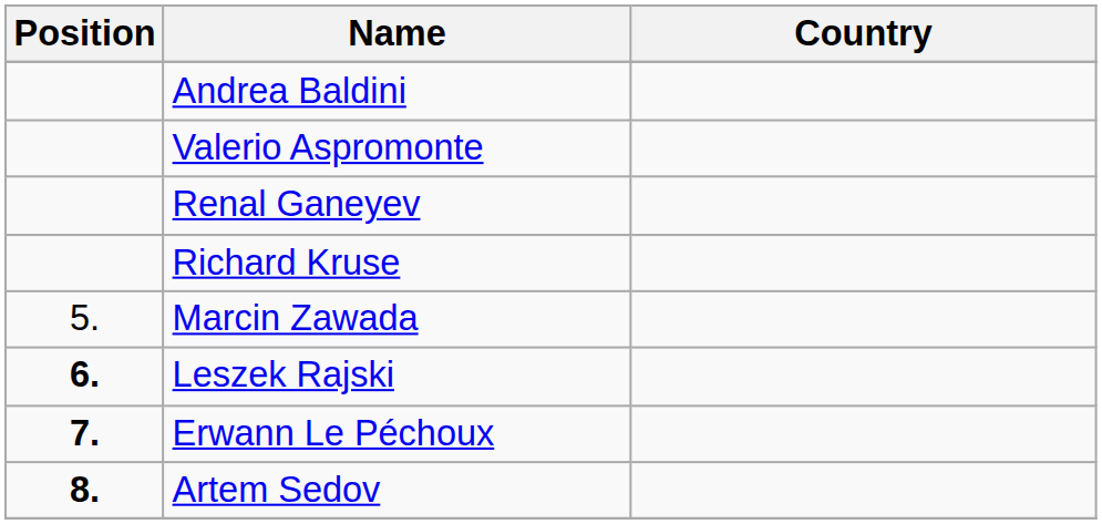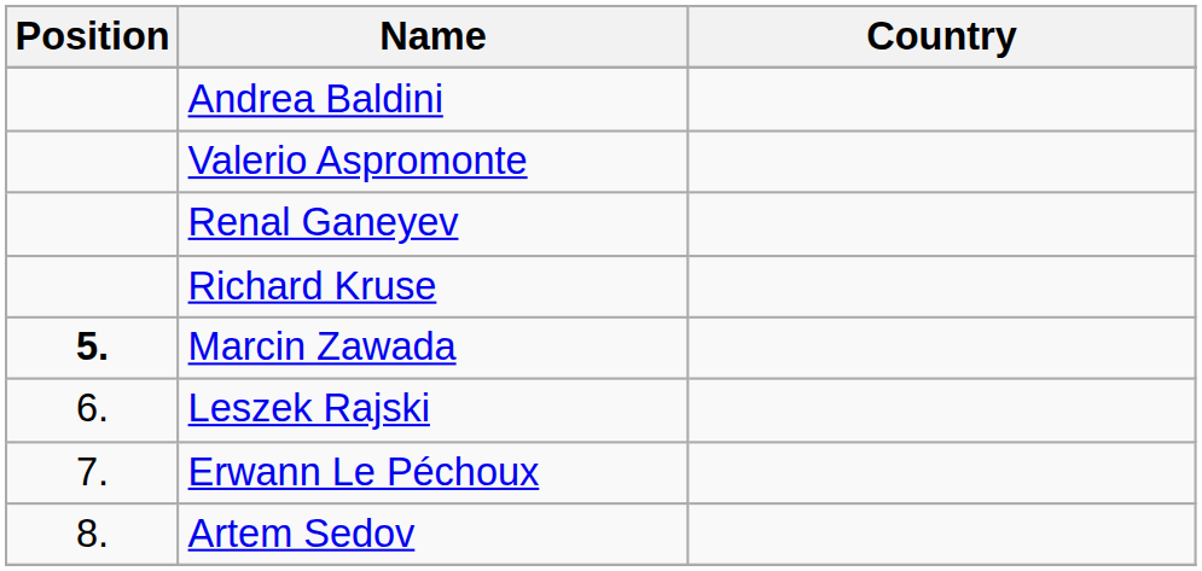 <table class="wikitable">
 <tr>
 <th width="20">Position</th>
 <th width="200">Name</th>
 <th width="200">Country</th>
 </tr>
 <tr>
 </tr>
 <tr>
 <td align="center"></td>
 <td><a href='#'>Andrea Baldini</a></td>
 <td></td>
 </tr>
 <tr>
 <td align="center"></td>
 <td><a href='#'>Valerio Aspromonte</a></td>
 <td></td>
 </tr>
 <tr>
 <td align="center"></td>
 <td><a href='#'>Renal Ganeyev</a></td>
 <td></td>
 </tr>
 <tr>
 <td align="center"></td>
 <td><a href='#'>Richard Kruse</a></td>
 <td></td>
 </tr>
 <tr>
-<td align="center">5.</td>
+<td align="center"><strong>5.</strong></td>
 <td><a href='#'>Marcin Zawada</a></td>
 <td></td>
 </tr>
 <tr>
-<td align="center"><strong>6.</strong></td>
+<td align="center">6.</td>
 <td><a href='#'>Leszek Rajski</a></td>
 <td></td>
 </tr>
 <tr>
-<td align="center"><strong>7.</strong></td>
+<td align="center">7.</td>
 <td><a href='#'>Erwann Le Péchoux</a></td>
 <td></td>
 </tr>
 <tr>
-<td align="center"><strong>8.</strong></td>
+<td align="center">8.</td>
 <td><a href='#'>Artem Sedov</a></td>
 <td></td>
 </tr>
 <tr>
 </tr>
 </table>
